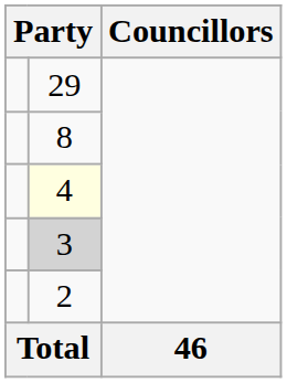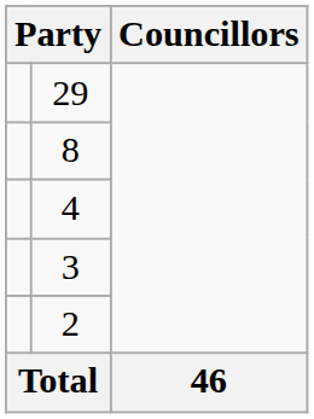 <table class="wikitable">
 <tr>
 <th colspan=2>Party</th>
 <th>Councillors</th>
 </tr>
 <tr>
 <td></td>
 <td align=center>29</td>
 </tr>
 <tr>
 <td></td>
 <td align=center>8</td>
 </tr>
 <tr>
 <td></td>
-<td align=center style="background: lightyellow;">4</td>
+<td align=center>4</td>
 </tr>
 <tr>
 <td></td>
-<td align=center style="background: lightgrey;">3</td>
+<td align=center>3</td>
 </tr>
 <tr>
 <td></td>
 <td align=center>2</td>
 </tr>
 <tr>
 <th colspan=2>Total</th>
 <th align=center>46</th>
 </tr>
 </table>
